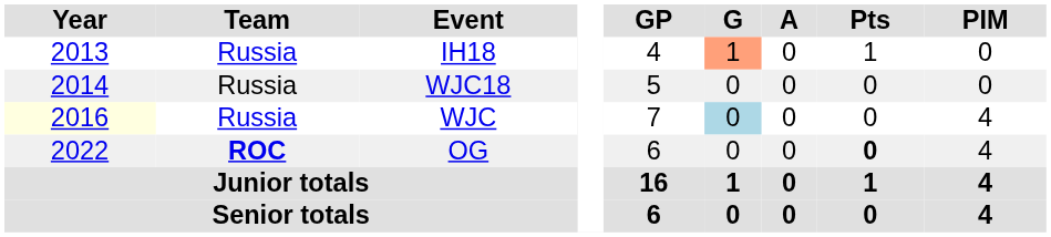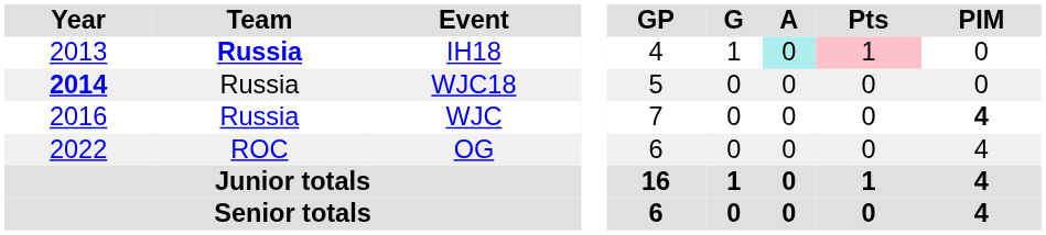 <table border="0" cellpadding="1" cellspacing="0" style="text-align:center; width:40em">
 <tr ALIGN="center" bgcolor="#e0e0e0">
 <th>Year</th>
 <th>Team</th>
 <th>Event</th>
 <th rowspan="99" bgcolor="#ffffff"> </th>
 <th>GP</th>
 <th>G</th>
 <th>A</th>
 <th>Pts</th>
 <th>PIM</th>
 </tr>
 <tr>
 <td><a href='#'>2013</a></td>
-<td><a href='#'>Russia</a></td>
+<td><strong><a href='#'>Russia</a></strong></td>
 <td><a href='#'>IH18</a></td>
 <td>4</td>
-<td style="background: lightsalmon;">1</td>
-<td>0</td>
 <td>1</td>
+<td style="background: paleturquoise;">0</td>
+<td style="background: pink;">1</td>
 <td>0</td>
 </tr>
 <tr bgcolor="#f0f0f0">
-<td><a href='#'>2014</a></td>
+<td><strong><a href='#'>2014</a></strong></td>
 <td>Russia</td>
 <td><a href='#'>WJC18</a></td>
 <td>5</td>
 <td>0</td>
 <td>0</td>
 <td>0</td>
 <td>0</td>
 </tr>
 <tr>
-<td style="background: lightyellow;"><a href='#'>2016</a></td>
+<td><a href='#'>2016</a></td>
 <td><a href='#'>Russia</a></td>
 <td><a href='#'>WJC</a></td>
 <td>7</td>
-<td style="background: lightblue;">0</td>
 <td>0</td>
 <td>0</td>
-<td>4</td>
+<td>0</td>
+<td><strong>4</strong></td>
 </tr>
 <tr bgcolor="#f0f0f0">
 <td><a href='#'>2022</a></td>
-<td><strong><a href='#'>ROC</a></strong></td>
+<td><a href='#'>ROC</a></td>
 <td><a href='#'>OG</a></td>
 <td>6</td>
 <td>0</td>
 <td>0</td>
-<td><strong>0</strong></td>
+<td>0</td>
 <td>4</td>
 </tr>
 <tr bgcolor="#e0e0e0">
 <th colspan="3">Junior totals</th>
 <th>16</th>
 <th>1</th>
 <th>0</th>
 <th>1</th>
 <th>4</th>
 </tr>
 <tr bgcolor="#e0e0e0">
 <th colspan="3">Senior totals</th>
 <th>6</th>
 <th>0</th>
 <th>0</th>
 <th>0</th>
 <th>4</th>
 </tr>
 </table>
